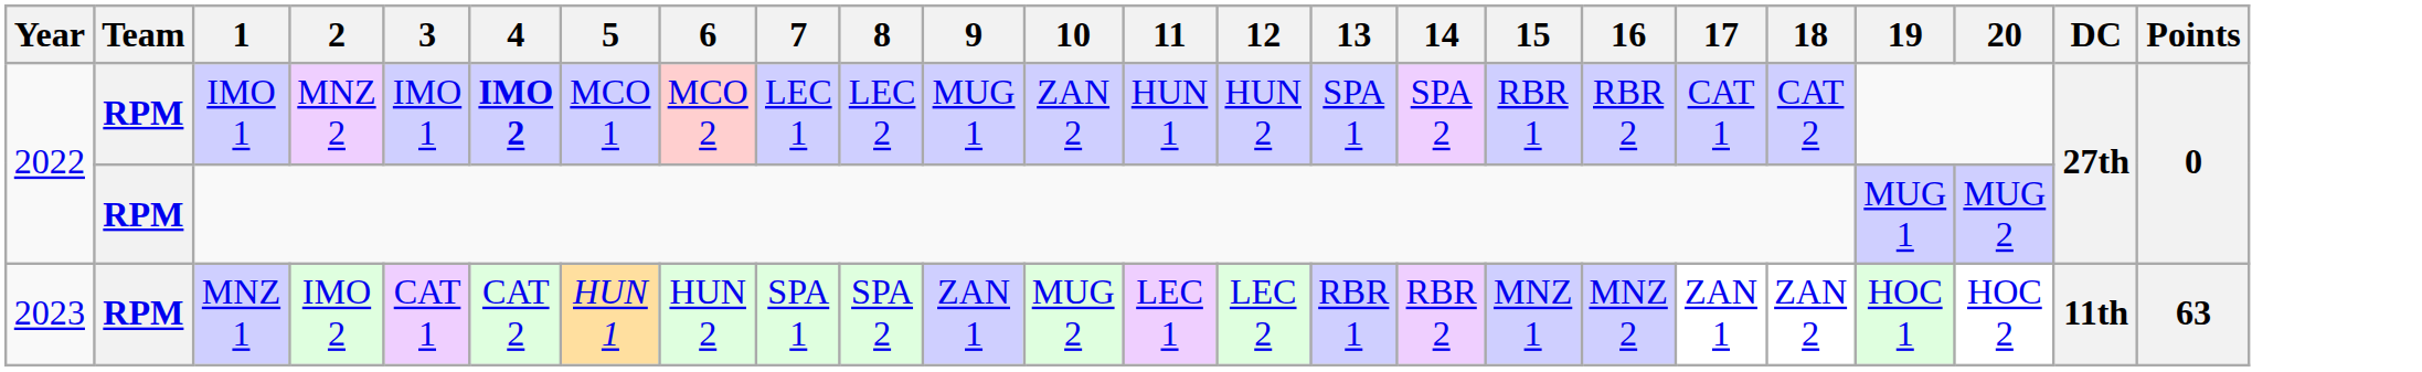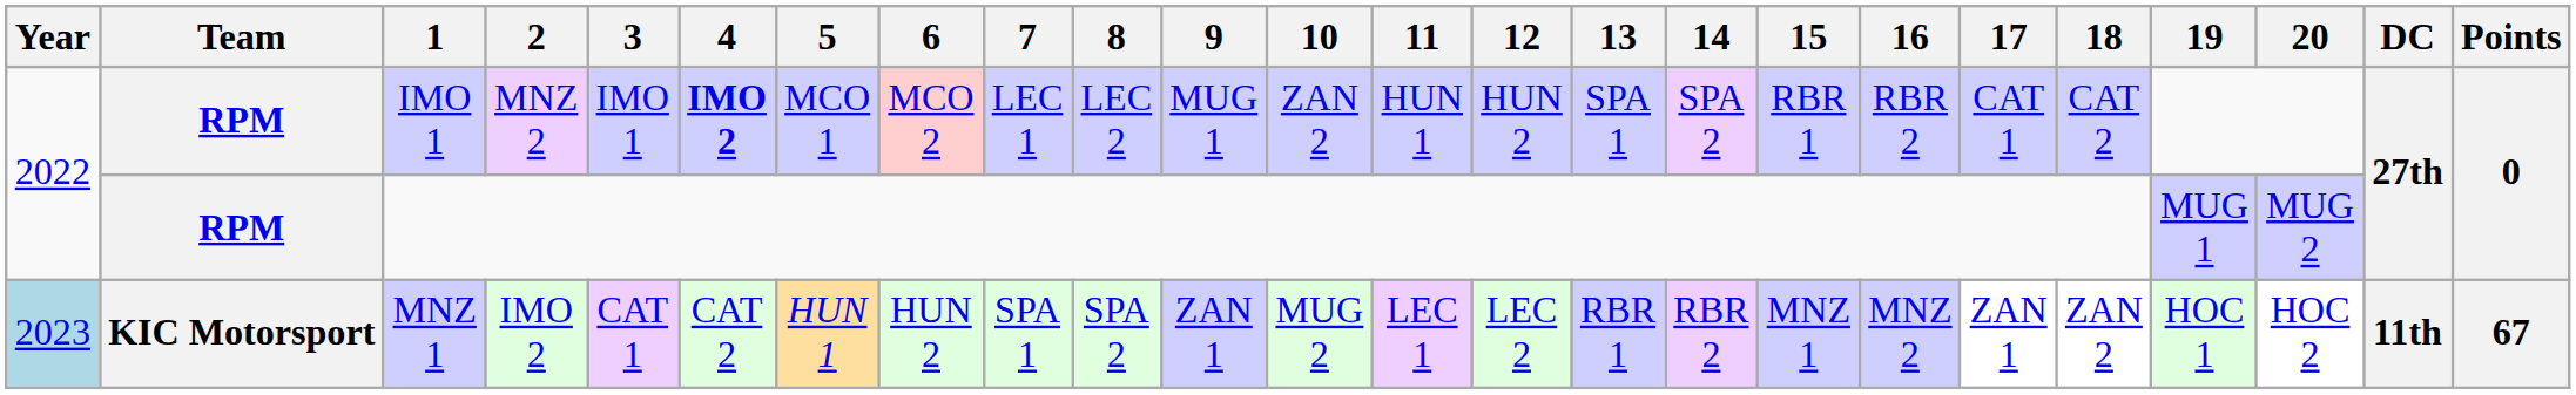 <table class="wikitable" style="text-align:center; font-size:85%;">
 <tr>
 <th>Year</th>
 <th>Team</th>
 <th>1</th>
 <th>2</th>
 <th>3</th>
 <th>4</th>
 <th>5</th>
 <th>6</th>
 <th>7</th>
 <th>8</th>
 <th>9</th>
 <th>10</th>
 <th>11</th>
 <th>12</th>
 <th>13</th>
 <th>14</th>
 <th>15</th>
 <th>16</th>
 <th>17</th>
 <th>18</th>
 <th>19</th>
 <th>20</th>
 <th>DC</th>
 <th>Points</th>
 </tr>
 <tr>
 <td rowspan="2"><a href='#'>2022</a></td>
 <th><a href='#'>RPM</a></th>
 <td style="background:#CFCFFF;"><a href='#'>IMO<br>1</a><br></td>
 <td style="background:#EFCFFF;"><a href='#'>MNZ<br>2</a><br></td>
 <td style="background:#CFCFFF;"><a href='#'>IMO<br>1</a><br></td>
 <td style="background:#CFCFFF;"><strong><a href='#'>IMO<br>2</a><br></strong></td>
 <td style="background:#CFCFFF;"><a href='#'>MCO<br>1</a><br></td>
 <td style="background:#FFCFCF;"><a href='#'>MCO<br>2</a><br></td>
 <td style="background:#CFCFFF;"><a href='#'>LEC<br>1</a><br></td>
 <td style="background:#CFCFFF;"><a href='#'>LEC<br>2</a><br></td>
 <td style="background:#CFCFFF;"><a href='#'>MUG<br>1</a><br></td>
 <td style="background:#CFCFFF;"><a href='#'>ZAN<br>2</a><br></td>
 <td style="background:#CFCFFF;"><a href='#'>HUN<br>1</a><br></td>
 <td style="background:#CFCFFF;"><a href='#'>HUN<br>2</a><br></td>
 <td style="background:#CFCFFF;"><a href='#'>SPA<br>1</a><br></td>
 <td style="background:#EFCFFF;"><a href='#'>SPA<br>2</a><br></td>
 <td style="background:#CFCFFF;"><a href='#'>RBR<br>1</a><br></td>
 <td style="background:#CFCFFF;"><a href='#'>RBR<br>2</a><br></td>
 <td style="background:#CFCFFF;"><a href='#'>CAT<br>1</a><br></td>
 <td style="background:#CFCFFF;"><a href='#'>CAT<br>2</a><br></td>
 <td colspan="2"></td>
 <th rowspan="2">27th</th>
 <th rowspan="2">0</th>
 </tr>
 <tr>
 <th><a href='#'>RPM</a></th>
 <td colspan="18"></td>
 <td style="background:#CFCFFF;"><a href='#'>MUG<br>1</a><br></td>
 <td style="background:#CFCFFF;"><a href='#'>MUG<br>2</a><br></td>
 </tr>
 <tr>
-<td><a href='#'>2023</a></td>
-<th><a href='#'>RPM</a></th>
+<td style="background: lightblue;"><a href='#'>2023</a></td>
+<th nowrap>KIC Motorsport</th>
 <td style="background:#CFCFFF;"><a href='#'>MNZ<br>1</a><br></td>
 <td style="background:#DFFFDF;"><a href='#'>IMO<br>2</a><br></td>
 <td style="background:#EFCFFF;"><a href='#'>CAT<br>1</a><br></td>
 <td style="background:#DFFFDF;"><a href='#'>CAT<br>2</a><br></td>
 <td style="background:#FFDF9F;"><em><a href='#'>HUN<br>1</a></em><br></td>
 <td style="background:#DFFFDF;"><a href='#'>HUN<br>2</a><br></td>
 <td style="background:#DFFFDF;"><a href='#'>SPA<br>1</a><br></td>
 <td style="background:#DFFFDF;"><a href='#'>SPA<br>2</a><br></td>
 <td style="background:#CFCFFF;"><a href='#'>ZAN<br>1</a><br></td>
 <td style="background:#DFFFDF;"><a href='#'>MUG<br>2</a><br></td>
 <td style="background:#EFCFFF;"><a href='#'>LEC<br>1</a><br></td>
 <td style="background:#DFFFDF;"><a href='#'>LEC<br>2</a><br></td>
 <td style="background:#CFCFFF;"><a href='#'>RBR<br>1</a><br></td>
 <td style="background:#EFCFFF;"><a href='#'>RBR<br>2</a><br></td>
 <td style="background:#CFCFFF;"><a href='#'>MNZ<br>1</a><br></td>
 <td style="background:#CFCFFF;"><a href='#'>MNZ<br>2</a><br></td>
 <td style="background:#FFFFFF;"><a href='#'>ZAN<br>1</a><br></td>
 <td style="background:#FFFFFF;"><a href='#'>ZAN<br>2</a><br></td>
 <td style="background:#DFFFDF;"><a href='#'>HOC<br>1</a><br></td>
 <td style="background:#FFFFFF;"><a href='#'>HOC<br>2</a><br></td>
 <th>11th</th>
-<th>63</th>
+<th>67</th>
 </tr>
 </table>
